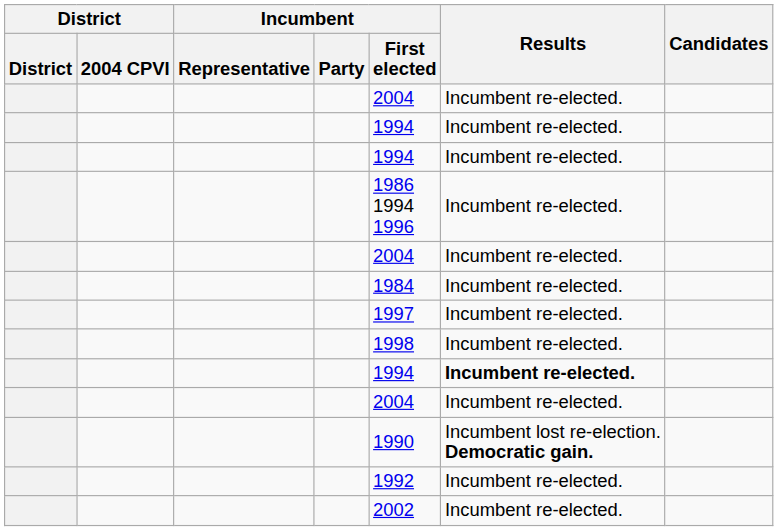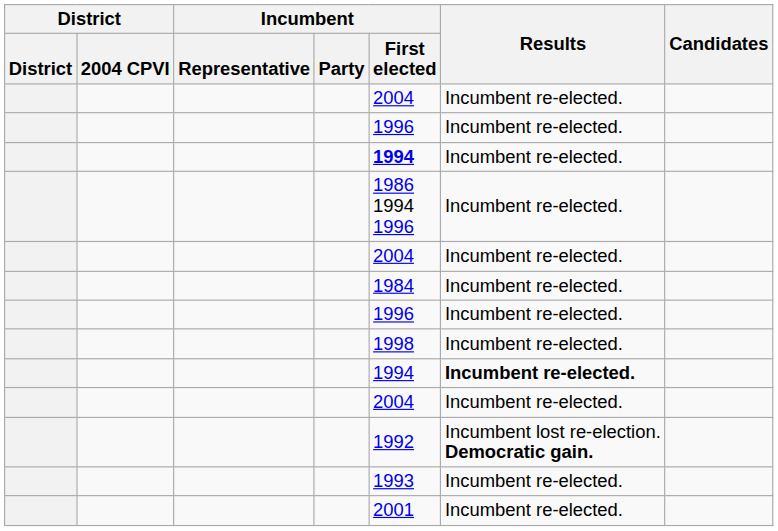 <table class="wikitable sortable">
 <tr>
 <th colspan=2>District</th>
 <th colspan=3>Incumbent</th>
 <th rowspan=2>Results</th>
 <th rowspan=2>Candidates</th>
 </tr>
 <tr valign=bottom>
 <th>District</th>
 <th>2004 CPVI</th>
 <th>Representative</th>
 <th>Party</th>
 <th>First<br>elected</th>
 </tr>
 <tr>
 <th></th>
 <td></td>
 <td></td>
 <td></td>
 <td><a href='#'>2004</a></td>
 <td>Incumbent re-elected.</td>
 <td nowrap></td>
 </tr>
 <tr>
 <th></th>
 <td></td>
 <td></td>
 <td></td>
-<td><a href='#'>1994</a></td>
+<td><a href='#'>1996</a></td>
 <td>Incumbent re-elected.</td>
 <td nowrap></td>
 </tr>
 <tr>
 <th></th>
 <td></td>
 <td></td>
 <td></td>
-<td><a href='#'>1994</a></td>
+<td><strong><a href='#'>1994</a></strong></td>
 <td>Incumbent re-elected.</td>
 <td nowrap></td>
 </tr>
 <tr>
 <th></th>
 <td></td>
 <td></td>
 <td></td>
 <td><a href='#'>1986</a><br>1994 <br><a href='#'>1996</a></td>
 <td>Incumbent re-elected.</td>
 <td nowrap></td>
 </tr>
 <tr>
 <th></th>
 <td></td>
 <td></td>
 <td></td>
 <td><a href='#'>2004</a></td>
 <td>Incumbent re-elected.</td>
 <td nowrap></td>
 </tr>
 <tr>
 <th></th>
 <td></td>
 <td></td>
 <td></td>
 <td><a href='#'>1984</a></td>
 <td>Incumbent re-elected.</td>
 <td nowrap></td>
 </tr>
 <tr>
 <th></th>
 <td></td>
 <td></td>
 <td></td>
-<td><a href='#'>1997</a></td>
+<td><a href='#'>1996</a></td>
 <td>Incumbent re-elected.</td>
 <td nowrap></td>
 </tr>
 <tr>
 <th></th>
 <td></td>
 <td></td>
 <td></td>
 <td><a href='#'>1998</a></td>
 <td>Incumbent re-elected.</td>
 <td nowrap></td>
 </tr>
 <tr>
 <th></th>
 <td></td>
 <td></td>
 <td></td>
 <td><a href='#'>1994</a></td>
 <td><strong>Incumbent re-elected.</strong></td>
 <td nowrap></td>
 </tr>
 <tr>
 <th></th>
 <td></td>
 <td></td>
 <td></td>
 <td><a href='#'>2004</a></td>
 <td>Incumbent re-elected.</td>
 <td nowrap></td>
 </tr>
 <tr>
 <th></th>
 <td></td>
 <td></td>
 <td></td>
-<td><a href='#'>1990</a></td>
+<td><a href='#'>1992</a></td>
 <td>Incumbent lost re-election.<br><strong>Democratic gain.</strong></td>
 <td nowrap></td>
 </tr>
 <tr>
 <th></th>
 <td></td>
 <td></td>
 <td></td>
-<td><a href='#'>1992</a></td>
+<td><a href='#'>1993</a></td>
 <td>Incumbent re-elected.</td>
 <td nowrap></td>
 </tr>
 <tr>
 <th></th>
 <td></td>
 <td></td>
 <td></td>
-<td><a href='#'>2002</a></td>
+<td><a href='#'>2001</a></td>
 <td>Incumbent re-elected.</td>
 <td nowrap></td>
 </tr>
 </table>
